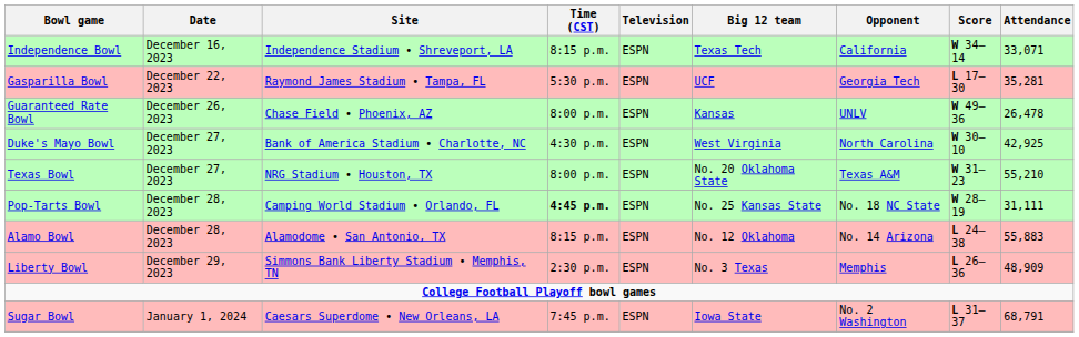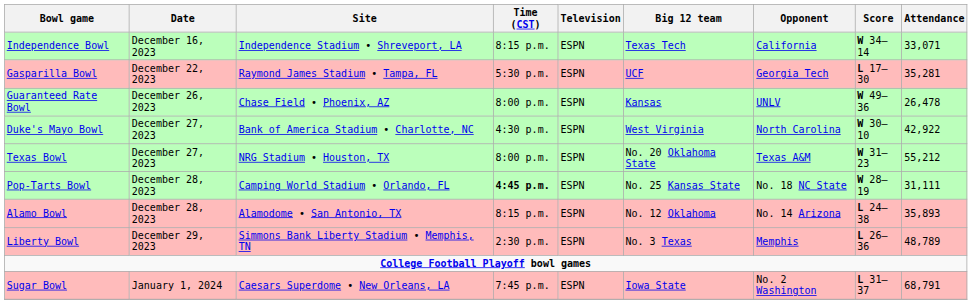 <table class="wikitable">
 <tr>
 <th>Bowl game</th>
 <th>Date</th>
 <th>Site</th>
 <th>Time (<a href='#'>CST</a>)</th>
 <th>Television</th>
 <th>Big 12 team</th>
 <th>Opponent</th>
 <th>Score</th>
 <th>Attendance</th>
 </tr>
 <tr style="background:#bfb;">
 <td><a href='#'>Independence Bowl</a></td>
 <td>December 16, 2023</td>
 <td><a href='#'>Independence Stadium</a> • <a href='#'>Shreveport, LA</a></td>
 <td>8:15 p.m.</td>
 <td>ESPN</td>
 <td><a href='#'>Texas Tech</a></td>
 <td><a href='#'>California</a></td>
 <td><strong>W</strong> 34–14</td>
 <td>33,071</td>
 </tr>
 <tr style="background:#fbb;">
 <td><a href='#'>Gasparilla Bowl</a></td>
 <td>December 22, 2023</td>
 <td><a href='#'>Raymond James Stadium</a> • <a href='#'>Tampa, FL</a></td>
 <td>5:30 p.m.</td>
 <td>ESPN</td>
 <td><a href='#'>UCF</a></td>
 <td><a href='#'>Georgia Tech</a></td>
 <td><strong>L</strong> 17–30</td>
 <td>35,281</td>
 </tr>
 <tr style="background:#bfb;">
 <td><a href='#'>Guaranteed Rate Bowl</a></td>
 <td>December 26, 2023</td>
 <td><a href='#'>Chase Field</a> • <a href='#'>Phoenix, AZ</a></td>
 <td>8:00 p.m.</td>
 <td>ESPN</td>
 <td><a href='#'>Kansas</a></td>
 <td><a href='#'>UNLV</a></td>
 <td><strong>W</strong> 49–36</td>
 <td>26,478</td>
 </tr>
 <tr style="background:#bfb;">
 <td><a href='#'>Duke's Mayo Bowl</a></td>
 <td>December 27, 2023</td>
 <td><a href='#'>Bank of America Stadium</a> • <a href='#'>Charlotte, NC</a></td>
 <td>4:30 p.m.</td>
 <td>ESPN</td>
 <td><a href='#'>West Virginia</a></td>
 <td><a href='#'>North Carolina</a></td>
 <td><strong>W</strong> 30–10</td>
-<td>42,925</td>
+<td>42,922</td>
 </tr>
 <tr style="background:#bfb;">
 <td><a href='#'>Texas Bowl</a></td>
 <td>December 27, 2023</td>
 <td><a href='#'>NRG Stadium</a> • <a href='#'>Houston, TX</a></td>
 <td>8:00 p.m.</td>
 <td>ESPN</td>
 <td>No. 20 <a href='#'>Oklahoma State</a></td>
 <td><a href='#'>Texas A&M</a></td>
 <td><strong>W</strong> 31–23</td>
-<td>55,210</td>
+<td>55,212</td>
 </tr>
 <tr style="background:#bfb;">
 <td><a href='#'>Pop-Tarts Bowl</a></td>
 <td>December 28, 2023</td>
 <td><a href='#'>Camping World Stadium</a> • <a href='#'>Orlando, FL</a></td>
 <td><strong>4:45 p.m.</strong></td>
 <td>ESPN</td>
 <td>No. 25 <a href='#'>Kansas State</a></td>
 <td>No. 18 <a href='#'>NC State</a></td>
 <td><strong>W</strong> 28–19</td>
 <td>31,111</td>
 </tr>
 <tr style="background:#fbb;">
 <td><a href='#'>Alamo Bowl</a></td>
 <td>December 28, 2023</td>
 <td><a href='#'>Alamodome</a> • <a href='#'>San Antonio, TX</a></td>
 <td>8:15 p.m.</td>
 <td>ESPN</td>
 <td>No. 12 <a href='#'>Oklahoma</a></td>
 <td>No. 14 <a href='#'>Arizona</a></td>
 <td><strong>L</strong> 24–38</td>
-<td>55,883</td>
+<td>35,893</td>
 </tr>
 <tr style="background:#fbb;">
 <td><a href='#'>Liberty Bowl</a></td>
 <td>December 29, 2023</td>
 <td><a href='#'>Simmons Bank Liberty Stadium</a> • <a href='#'>Memphis, TN</a></td>
 <td>2:30 p.m.</td>
 <td>ESPN</td>
 <td>No. 3 <a href='#'>Texas</a></td>
 <td><a href='#'>Memphis</a></td>
 <td><strong>L</strong> 26–36</td>
-<td>48,909</td>
+<td>48,789</td>
 </tr>
 <tr>
 <td colspan="9" style="text-align:center;"><strong><a href='#'>College Football Playoff</a> bowl games</strong></td>
 </tr>
 <tr style="background:#fbb;">
 <td><a href='#'>Sugar Bowl</a></td>
 <td>January 1, 2024</td>
 <td><a href='#'>Caesars Superdome</a> • <a href='#'>New Orleans, LA</a></td>
 <td>7:45 p.m.</td>
 <td>ESPN</td>
 <td><a href='#'>Iowa State</a></td>
 <td>No. 2 <a href='#'>Washington</a></td>
 <td><strong>L</strong> 31–37</td>
 <td>68,791</td>
 </tr>
 <tr>
 </tr>
 </table>
